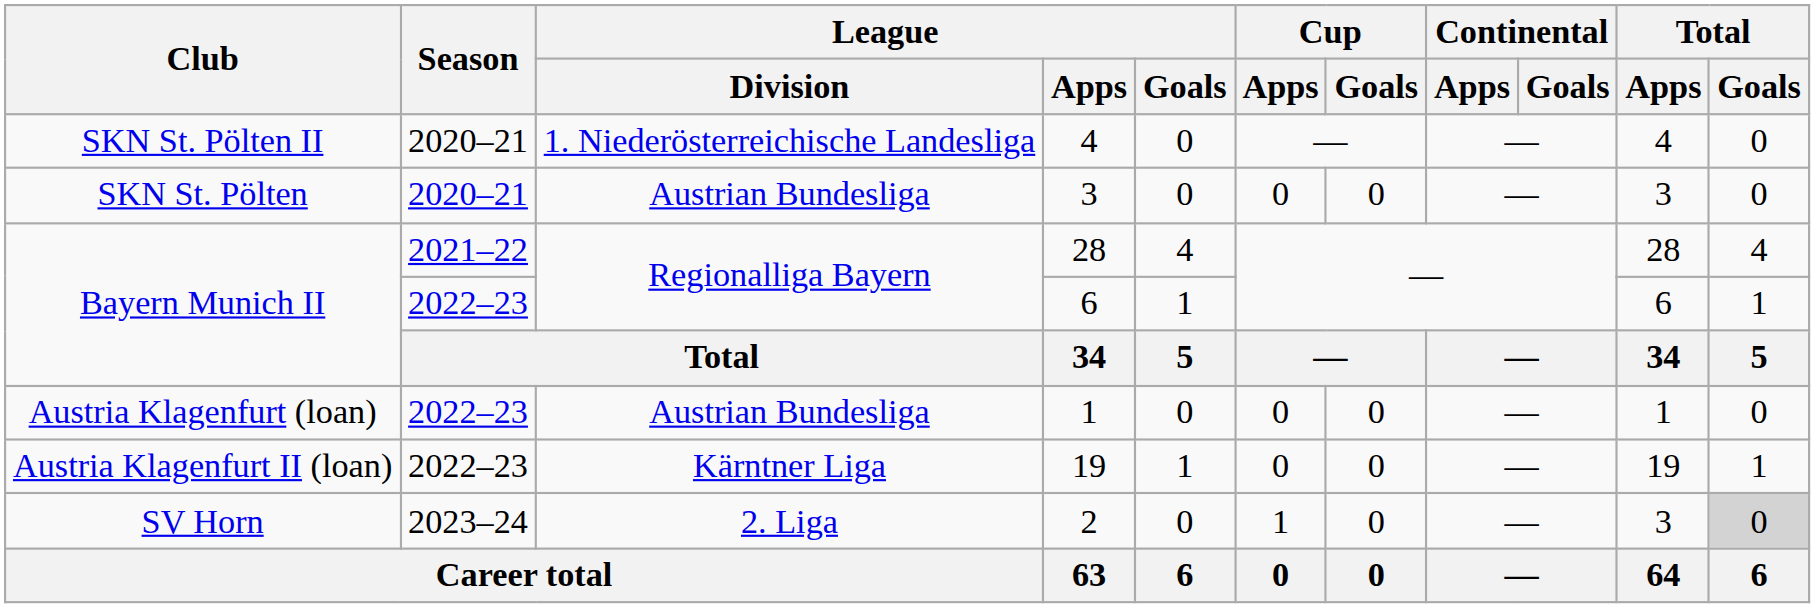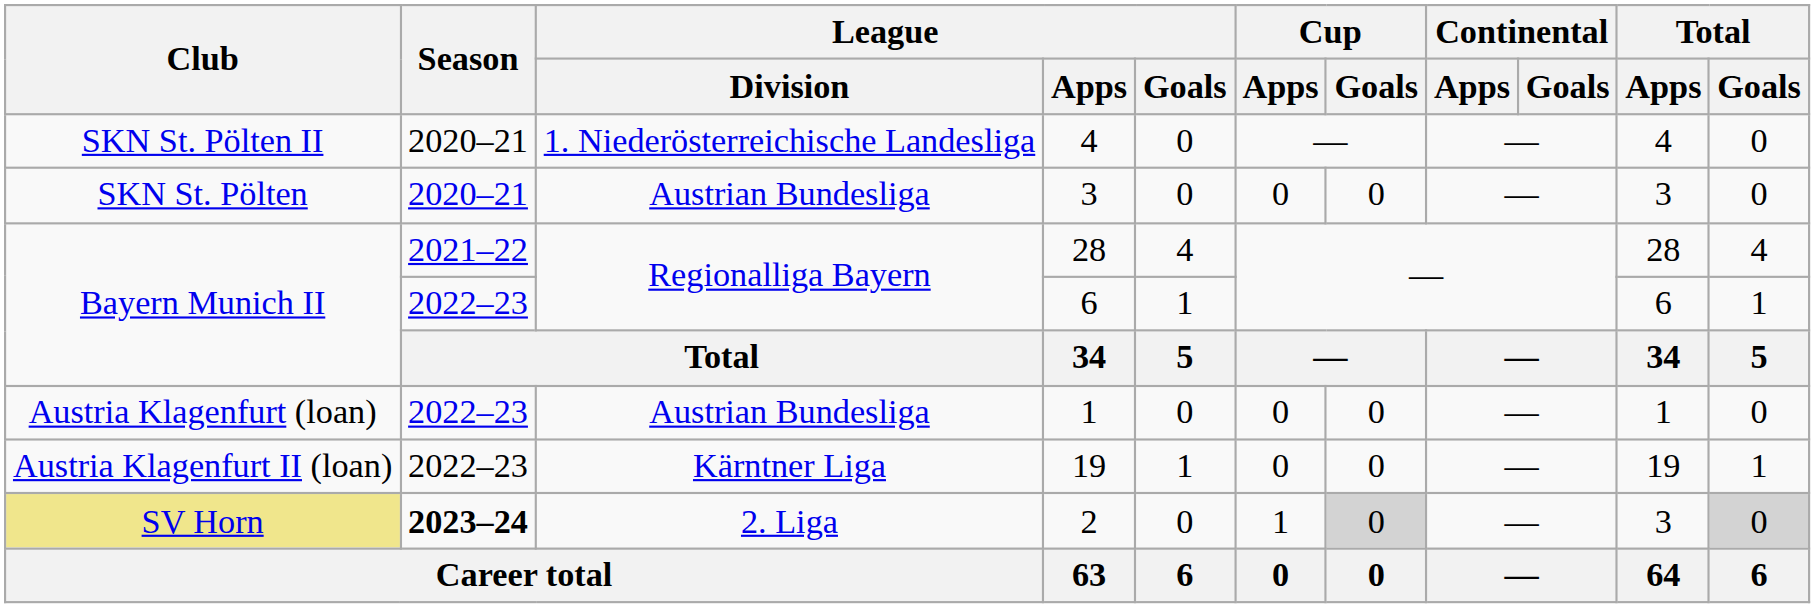 <table class="wikitable" Style="text-align: center">
 <tr>
 <th rowspan="2">Club</th>
 <th rowspan="2">Season</th>
 <th colspan="3">League</th>
 <th colspan="2">Cup</th>
 <th colspan="2">Continental</th>
 <th colspan="2">Total</th>
 </tr>
 <tr>
 <th>Division</th>
 <th>Apps</th>
 <th>Goals</th>
 <th>Apps</th>
 <th>Goals</th>
 <th>Apps</th>
 <th>Goals</th>
 <th>Apps</th>
 <th>Goals</th>
 </tr>
 <tr>
 <td rowspan="1"><a href='#'>SKN St. Pölten II</a></td>
 <td>2020–21</td>
 <td rowspan="1"><a href='#'>1. Niederösterreichische Landesliga</a></td>
 <td>4</td>
 <td>0</td>
 <td colspan="2">—</td>
 <td colspan="2">—</td>
 <td>4</td>
 <td>0</td>
 </tr>
 <tr>
 <td rowspan="1"><a href='#'>SKN St. Pölten</a></td>
 <td><a href='#'>2020–21</a></td>
 <td rowspan="1"><a href='#'>Austrian Bundesliga</a></td>
 <td>3</td>
 <td>0</td>
 <td>0</td>
 <td>0</td>
 <td colspan="2">—</td>
 <td>3</td>
 <td>0</td>
 </tr>
 <tr>
 <td rowspan="3"><a href='#'>Bayern Munich II</a></td>
 <td><a href='#'>2021–22</a></td>
 <td rowspan="2"><a href='#'>Regionalliga Bayern</a></td>
 <td>28</td>
 <td>4</td>
 <td colspan="4" rowspan="2">—</td>
 <td>28</td>
 <td>4</td>
 </tr>
 <tr>
 <td><a href='#'>2022–23</a></td>
 <td>6</td>
 <td>1</td>
 <td>6</td>
 <td>1</td>
 </tr>
 <tr>
 <th colspan="2">Total</th>
 <th>34</th>
 <th>5</th>
 <th colspan="2">—</th>
 <th colspan="2">—</th>
 <th>34</th>
 <th>5</th>
 </tr>
 <tr>
 <td rowspan="1"><a href='#'>Austria Klagenfurt</a> (loan)</td>
 <td><a href='#'>2022–23</a></td>
 <td rowspan="1"><a href='#'>Austrian Bundesliga</a></td>
 <td>1</td>
 <td>0</td>
 <td>0</td>
 <td>0</td>
 <td colspan="2">—</td>
 <td>1</td>
 <td>0</td>
 </tr>
 <tr>
 <td rowspan="1"><a href='#'>Austria Klagenfurt II</a> (loan)</td>
 <td>2022–23</td>
 <td rowspan="1"><a href='#'>Kärntner Liga</a></td>
 <td>19</td>
 <td>1</td>
 <td>0</td>
 <td>0</td>
 <td colspan="2">—</td>
 <td>19</td>
 <td>1</td>
 </tr>
 <tr>
-<td rowspan="1"><a href='#'>SV Horn</a></td>
-<td>2023–24</td>
+<td rowspan="1" style="background: khaki;"><a href='#'>SV Horn</a></td>
+<td><strong>2023–24</strong></td>
 <td rowspan="1"><a href='#'>2. Liga</a></td>
 <td>2</td>
 <td>0</td>
 <td>1</td>
-<td>0</td>
+<td style="background: lightgrey;">0</td>
 <td colspan="2">—</td>
 <td>3</td>
 <td style="background: lightgrey;">0</td>
 </tr>
 <tr>
 <th colspan="3">Career total</th>
 <th>63</th>
 <th>6</th>
 <th>0</th>
 <th>0</th>
 <th colspan="2">—</th>
 <th>64</th>
 <th>6</th>
 </tr>
 </table>
